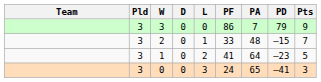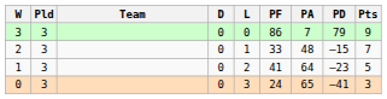 <table class="wikitable" style="text-align:center;">
 <tr>
+<th width=25 abbr="Won">W</th>
+<th width=25 abbr="Played">Pld</th>
 <th width=175>Team</th>
-<th width=25 abbr="Played">Pld</th>
-<th width=25 abbr="Won">W</th>
 <th width=25 abbr="Drawn">D</th>
 <th width=25 abbr="Lost">L</th>
 <th width=32 abbr="Points for">PF</th>
 <th width=32 abbr="Points against">PA</th>
 <th width=32 abbr="Points difference">PD</th>
 <th width=25 abbr="Points">Pts</th>
 </tr>
 <tr bgcolor="#ccffcc">
-<td align=left></td>
 <td>3</td>
 <td>3</td>
+<td align=left></td>
 <td>0</td>
 <td>0</td>
 <td>86</td>
 <td>7</td>
 <td>79</td>
 <td>9</td>
 </tr>
 <tr>
+<td>2</td>
+<td>3</td>
 <td align=left></td>
-<td>3</td>
-<td>2</td>
 <td>0</td>
 <td>1</td>
 <td>33</td>
 <td>48</td>
 <td>–15</td>
 <td>7</td>
 </tr>
 <tr>
+<td>1</td>
+<td>3</td>
 <td align=left></td>
-<td>3</td>
-<td>1</td>
 <td>0</td>
 <td>2</td>
 <td>41</td>
 <td>64</td>
 <td>–23</td>
 <td>5</td>
 </tr>
 <tr bgcolor="#ffddbb">
+<td>0</td>
+<td>3</td>
 <td align=left></td>
-<td>3</td>
-<td>0</td>
 <td>0</td>
 <td>3</td>
 <td>24</td>
 <td>65</td>
 <td>–41</td>
 <td>3</td>
 </tr>
 </table>
